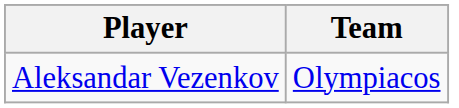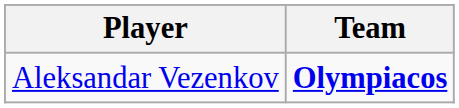 <table class="wikitable">
 <tr>
 <th>Player</th>
 <th>Team</th>
 </tr>
 <tr>
 <td> <a href='#'>Aleksandar Vezenkov</a></td>
-<td><a href='#'>Olympiacos</a></td>
+<td><strong><a href='#'>Olympiacos</a></strong></td>
 </tr>
 </table>
